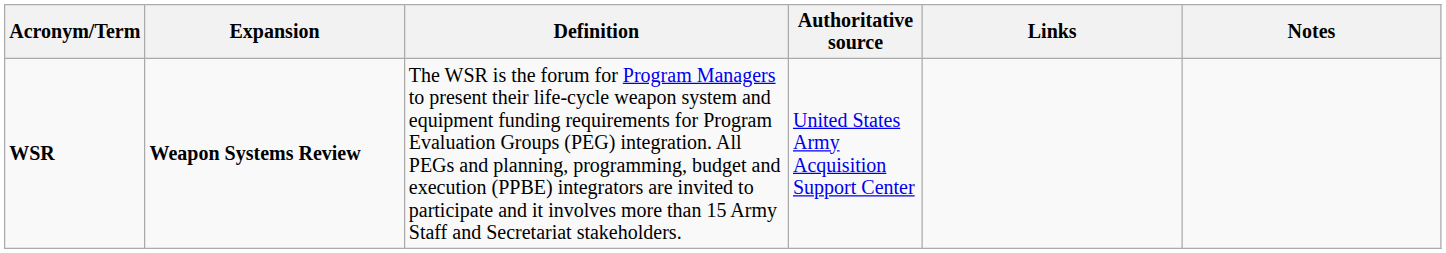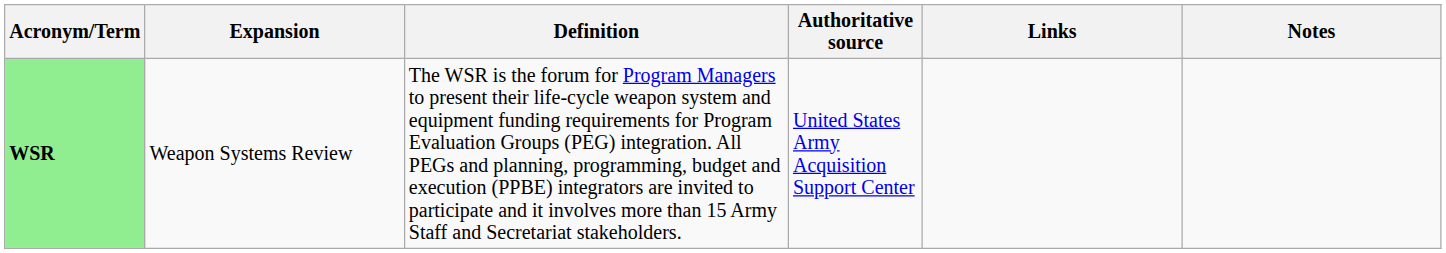 <table class="wikitable">
 <tr>
 <th width="100">Acronym/Term</th>
 <th width="200">Expansion</th>
 <th width="300">Definition</th>
 <th width="100">Authoritative source</th>
 <th width="200">Links</th>
 <th width="200">Notes</th>
 </tr>
 <tr>
-<td><strong>WSR</strong></td>
-<td><strong>Weapon Systems Review</strong></td>
+<td style="background: lightgreen;"><strong>WSR</strong></td>
+<td>Weapon Systems Review</td>
 <td>The WSR is the forum for <a href='#'>Program Managers</a> to present their life-cycle weapon system and equipment funding requirements for Program Evaluation Groups (PEG) integration. All PEGs and planning, programming, budget and execution (PPBE) integrators are invited to participate and it involves more than 15 Army Staff and Secretariat stakeholders.</td>
 <td><a href='#'>United States Army Acquisition Support Center</a></td>
 <td></td>
 <td></td>
 </tr>
 </table>
